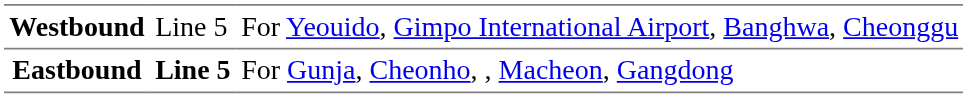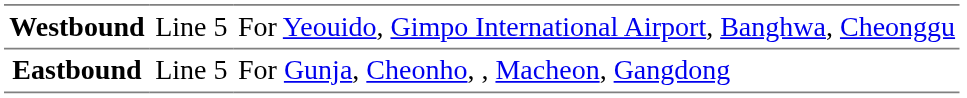 <table border="1" cellspacing="0" cellpadding="3" frame="hsides" rules="rows">
 <tr>
 <th>Westbound</th>
 <td>Line 5</td>
 <td>For <a href='#'>Yeouido</a>, <a href='#'>Gimpo International Airport</a>, <a href='#'>Banghwa</a>, <a href='#'>Cheonggu</a></td>
 </tr>
 <tr>
 <th>Eastbound</th>
-<td><strong>Line 5</strong></td>
+<td>Line 5</td>
 <td>For <a href='#'>Gunja</a>, <a href='#'>Cheonho</a>, , <a href='#'>Macheon</a>, <a href='#'>Gangdong</a></td>
 </tr>
 </table>
